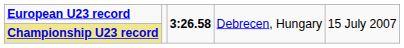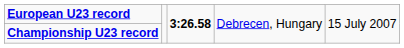 <table class="wikitable">
 <tr>
 <td><strong><a href='#'>European U23 record</a></strong></td>
 <td rowspan=2></td>
 <td rowspan=2><strong>3:26.58</strong></td>
 <td rowspan=2><a href='#'>Debrecen</a>, Hungary</td>
 <td rowspan=2>15 July 2007</td>
 </tr>
 <tr>
-<td style="background: khaki;"><strong><a href='#'>Championship U23 record</a></strong></td>
+<td><strong><a href='#'>Championship U23 record</a></strong></td>
 </tr>
 </table>
